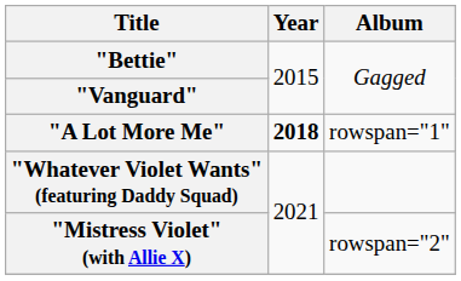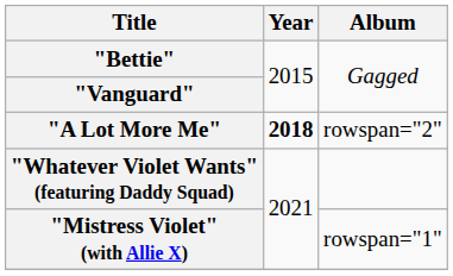 <table class="wikitable plainrowheaders" style="text-align:center;">
 <tr>
 <th>Title</th>
 <th scope="col">Year</th>
 <th>Album</th>
 </tr>
 <tr>
 <th scope="row">"Bettie"</th>
 <td rowspan="2">2015</td>
 <td rowspan="2"><em>Gagged</em></td>
 </tr>
 <tr>
 <th scope="row">"Vanguard"</th>
 </tr>
 <tr>
 <th scope="row">"A Lot More Me"</th>
 <td><strong>2018</strong></td>
-<td>rowspan="1" </td>
+<td>rowspan="2" </td>
 </tr>
 <tr>
 <th scope="row">"Whatever Violet Wants"<br><small>(featuring Daddy Squad)</small></th>
 <td rowspan="2">2021</td>
 </tr>
 <tr>
 <th scope="row">"Mistress Violet"<br><small>(with <a href='#'>Allie X</a>)</small></th>
-<td>rowspan="2" </td>
+<td>rowspan="1" </td>
 </tr>
 <tr>
 </tr>
 </table>
